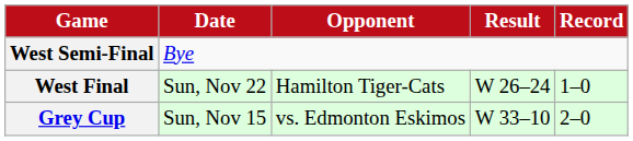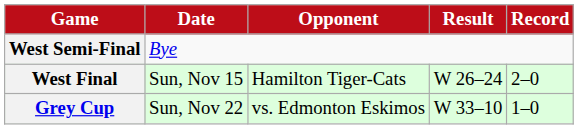 <table class="wikitable sortable">
 <tr>
 <th style="background:#bd0d18;color:#FFFFFF;">Game</th>
 <th style="background:#bd0d18;color:#FFFFFF;">Date</th>
 <th style="background:#bd0d18;color:#FFFFFF;">Opponent</th>
 <th style="background:#bd0d18;color:#FFFFFF;">Result</th>
 <th style="background:#bd0d18;color:#FFFFFF;">Record</th>
 </tr>
 <tr>
 <th>West Semi-Final</th>
 <td colspan=7><em><a href='#'>Bye</a></em></td>
 </tr>
 <tr style="background:#ddffdd">
 <th>West Final</th>
-<td>Sun, Nov 22</td>
+<td>Sun, Nov 15</td>
 <td>Hamilton Tiger-Cats</td>
 <td>W 26–24</td>
-<td>1–0</td>
+<td>2–0</td>
 </tr>
 <tr style="background:#ddffdd">
 <th><a href='#'>Grey Cup</a></th>
-<td>Sun, Nov 15</td>
+<td>Sun, Nov 22</td>
 <td>vs. Edmonton Eskimos</td>
 <td>W 33–10</td>
-<td>2–0</td>
+<td>1–0</td>
 </tr>
 </table>
